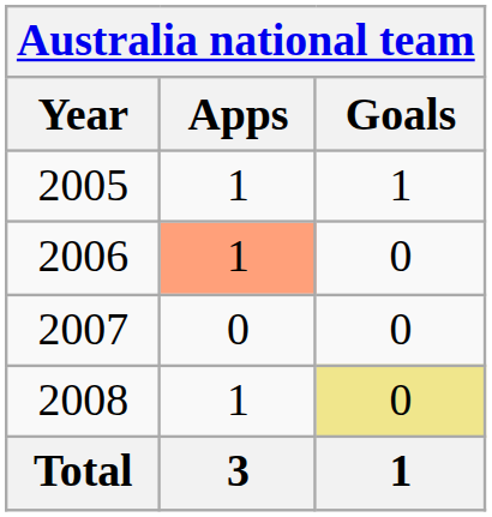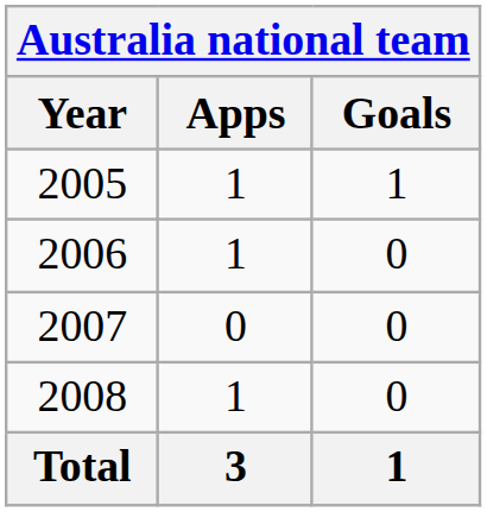 <table class="wikitable" style="text-align:center">
 <tr>
 <th colspan=3><a href='#'>Australia national team</a></th>
 </tr>
 <tr>
 <th>Year</th>
 <th>Apps</th>
 <th>Goals</th>
 </tr>
 <tr>
 <td>2005</td>
 <td>1</td>
 <td>1</td>
 </tr>
 <tr>
 <td>2006</td>
-<td style="background: lightsalmon;">1</td>
+<td>1</td>
 <td>0</td>
 </tr>
 <tr>
 <td>2007</td>
 <td>0</td>
 <td>0</td>
 </tr>
 <tr>
 <td>2008</td>
 <td>1</td>
-<td style="background: khaki;">0</td>
+<td>0</td>
 </tr>
 <tr>
 <th>Total</th>
 <th>3</th>
 <th>1</th>
 </tr>
 </table>
